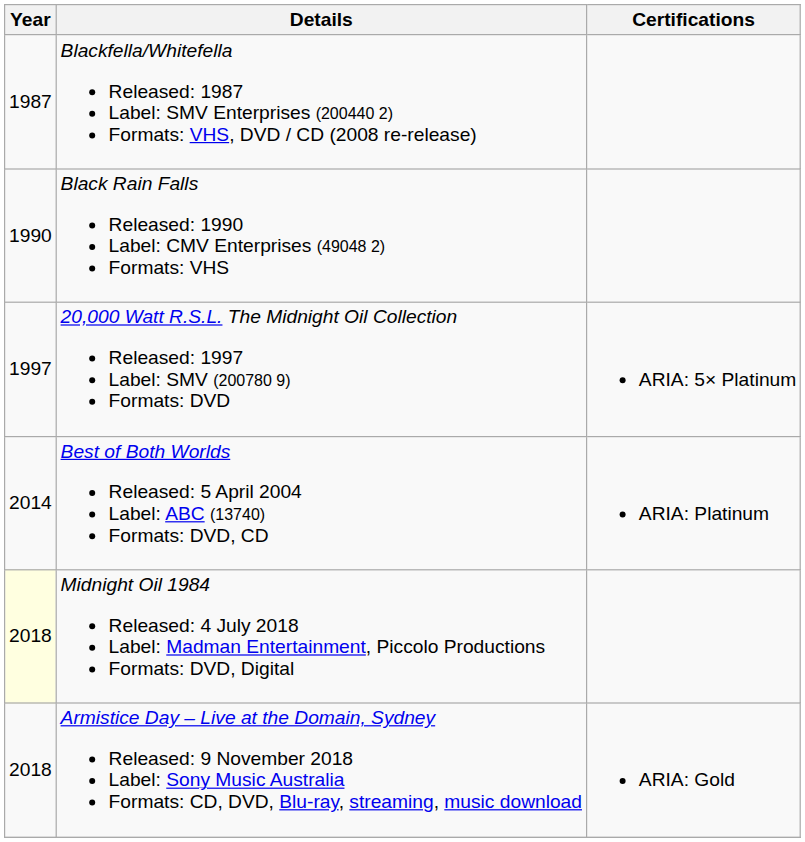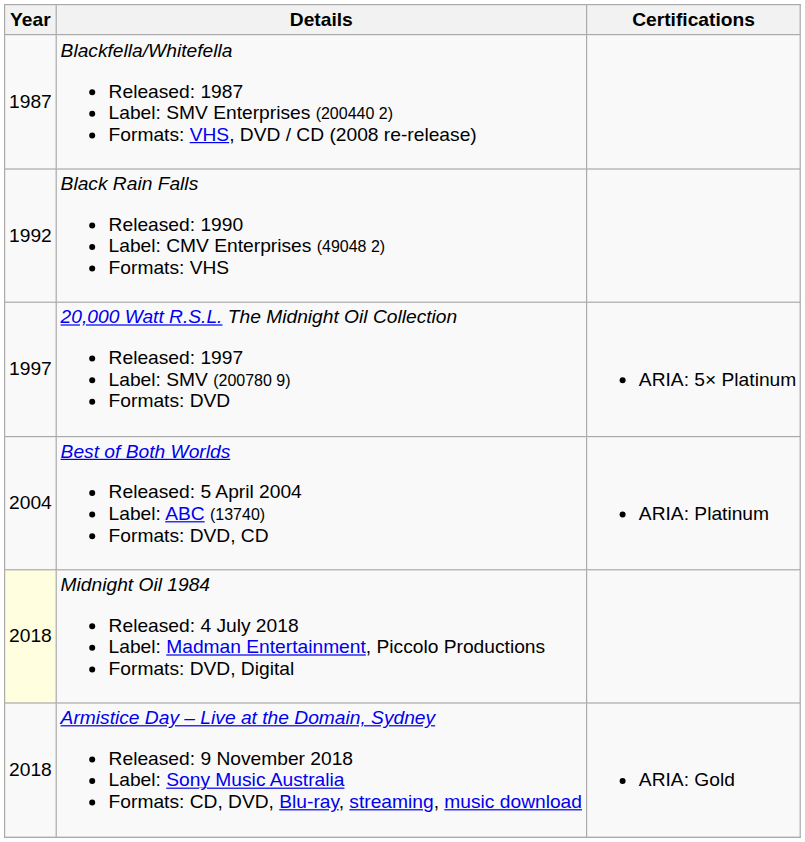 <table class="wikitable" border="1">
 <tr>
 <th>Year</th>
 <th>Details</th>
 <th>Certifications</th>
 </tr>
 <tr>
 <td align="center">1987</td>
 <td><em>Blackfella/Whitefella</em><br><ul><li>Released: 1987</li><li>Label: SMV Enterprises <small>(200440 2)</small></li><li>Formats: <a href='#'>VHS</a>, DVD / CD (2008 re-release)</li></ul></td>
 <td></td>
 </tr>
 <tr>
-<td align="center">1990</td>
+<td align="center">1992</td>
 <td><em>Black Rain Falls</em><br><ul><li>Released: 1990</li><li>Label: CMV Enterprises <small>(49048 2)</small></li><li>Formats: VHS</li></ul></td>
 <td></td>
 </tr>
 <tr>
 <td align="center">1997</td>
 <td><em><a href='#'>20,000 Watt R.S.L.</a> The Midnight Oil Collection</em><br><ul><li>Released: 1997</li><li>Label: SMV <small>(200780 9)</small></li><li>Formats: DVD</li></ul></td>
 <td><br><ul><li>ARIA: 5× Platinum</li></ul></td>
 </tr>
 <tr>
-<td align="center">2014</td>
+<td align="center">2004</td>
 <td><em><a href='#'>Best of Both Worlds</a></em><br><ul><li>Released: 5 April 2004</li><li>Label: <a href='#'>ABC</a> <small>(13740)</small></li><li>Formats: DVD, CD</li></ul></td>
 <td><br><ul><li>ARIA: Platinum</li></ul></td>
 </tr>
 <tr>
 <td align="center" style="background: lightyellow;">2018</td>
 <td><em>Midnight Oil 1984</em><br><ul><li>Released: 4 July 2018</li><li>Label: <a href='#'>Madman Entertainment</a>, Piccolo Productions</li><li>Formats: DVD, Digital</li></ul></td>
 <td></td>
 </tr>
 <tr>
 <td align="center">2018</td>
 <td><em><a href='#'>Armistice Day – Live at the Domain, Sydney</a></em><br><ul><li>Released: 9 November 2018</li><li>Label: <a href='#'>Sony Music Australia</a></li><li>Formats: CD, DVD, <a href='#'>Blu-ray</a>, <a href='#'>streaming</a>, <a href='#'>music download</a></li></ul></td>
 <td><br><ul><li>ARIA: Gold</li></ul></td>
 </tr>
 <tr>
 </tr>
 </table>
